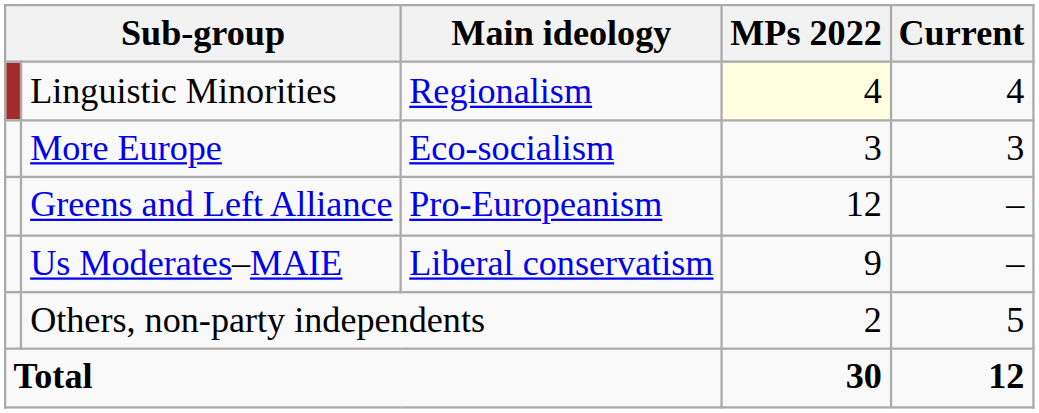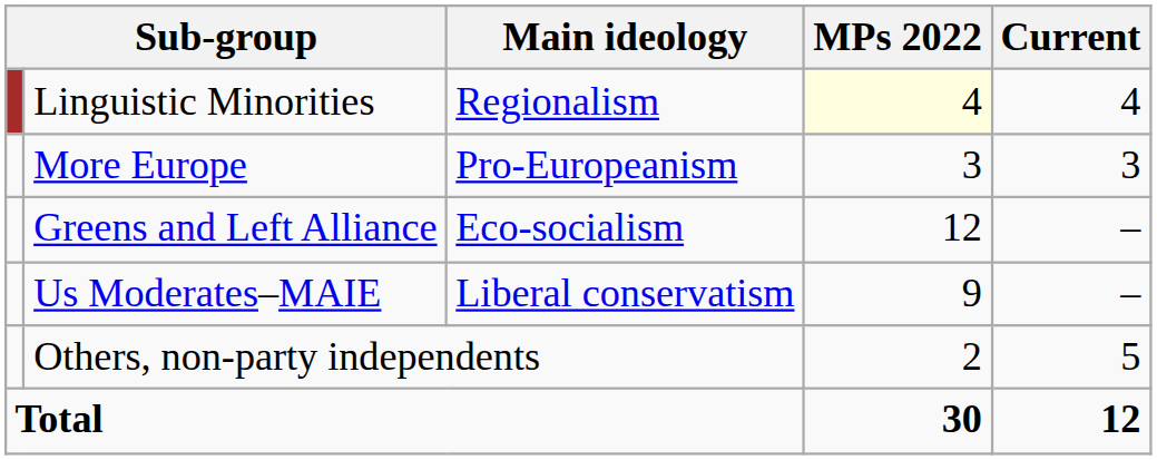 <table class="wikitable" style="font-size:100%">
 <tr>
 <th colspan=2>Sub-group</th>
 <th>Main ideology</th>
 <th>MPs 2022</th>
 <th>Current</th>
 </tr>
 <tr>
 <td bgcolor="brown"></td>
 <td>Linguistic Minorities</td>
 <td><a href='#'>Regionalism</a></td>
 <td align=right style="background: lightyellow;">4</td>
 <td align=right>4</td>
 </tr>
 <tr>
 <td></td>
 <td><a href='#'>More Europe</a></td>
-<td><a href='#'>Eco-socialism</a></td>
+<td><a href='#'>Pro-Europeanism</a></td>
 <td align=right>3</td>
 <td align=right>3</td>
 </tr>
 <tr>
 <td></td>
 <td><a href='#'>Greens and Left Alliance</a></td>
-<td><a href='#'>Pro-Europeanism</a></td>
+<td><a href='#'>Eco-socialism</a></td>
 <td align=right>12</td>
 <td align=right>–</td>
 </tr>
 <tr>
 <td></td>
 <td><a href='#'>Us Moderates</a>–<a href='#'>MAIE</a></td>
 <td><a href='#'>Liberal conservatism</a></td>
 <td align=right>9</td>
 <td align=right>–</td>
 </tr>
 <tr>
 <td></td>
 <td colspan=2>Others, non-party independents</td>
 <td align=right>2</td>
 <td align=right>5</td>
 </tr>
 <tr>
 <td colspan=3><strong>Total</strong></td>
 <td align=right><strong>30</strong></td>
 <td align=right><strong>12</strong></td>
 </tr>
 </table>
